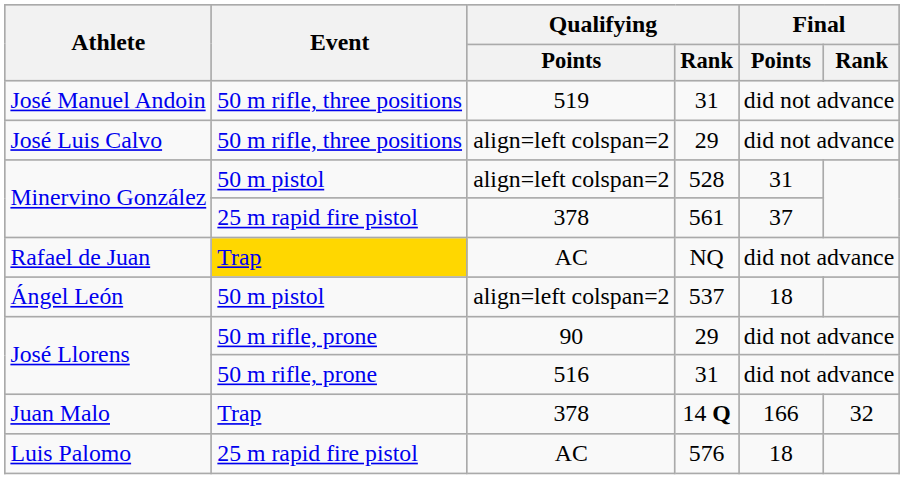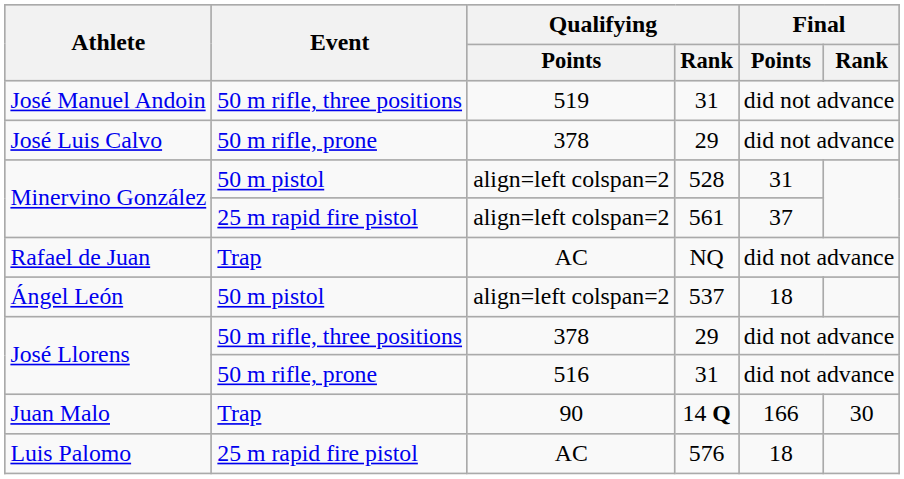 <table class="wikitable" style="font-size:90%">
 <tr>
 <th rowspan="2">Athlete</th>
 <th rowspan="2">Event</th>
 <th colspan=2>Qualifying</th>
 <th colspan=2>Final</th>
 </tr>
 <tr style="font-size:95%">
 <th>Points</th>
 <th>Rank</th>
 <th>Points</th>
 <th>Rank</th>
 </tr>
 <tr align=center>
 <td align=left><a href='#'>José Manuel Andoin</a></td>
 <td align=left><a href='#'>50 m rifle, three positions</a></td>
 <td>519</td>
 <td>31</td>
 <td align=left colspan=2>did not advance</td>
 </tr>
 <tr align=center>
 <td align=left><a href='#'>José Luis Calvo</a></td>
-<td align=left><a href='#'>50 m rifle, three positions</a></td>
-<td>align=left colspan=2 </td>
+<td align=left><a href='#'>50 m rifle, prone</a></td>
+<td>378</td>
 <td>29</td>
 <td align=left colspan=2>did not advance</td>
 </tr>
 <tr align=center>
 <td align=left rowspan=2><a href='#'>Minervino González</a></td>
 <td align=left><a href='#'>50 m pistol</a></td>
 <td>align=left colspan=2 </td>
 <td>528</td>
 <td>31</td>
 </tr>
 <tr align=center>
 <td align=left><a href='#'>25 m rapid fire pistol</a></td>
-<td>378</td>
+<td>align=left colspan=2 </td>
 <td>561</td>
 <td>37</td>
 </tr>
 <tr align=center>
 <td align=left><a href='#'>Rafael de Juan</a></td>
-<td align=left style="background: gold;"><a href='#'>Trap</a></td>
+<td align=left><a href='#'>Trap</a></td>
 <td>AC</td>
 <td>NQ</td>
 <td align=left colspan=2>did not advance</td>
 </tr>
 <tr align=center>
 <td align=left><a href='#'>Ángel León</a></td>
 <td align=left><a href='#'>50 m pistol</a></td>
 <td>align=left colspan=2 </td>
 <td>537</td>
 <td>18</td>
 </tr>
 <tr align=center>
 <td align=left rowspan=2><a href='#'>José Llorens</a></td>
-<td align=left><a href='#'>50 m rifle, prone</a></td>
-<td>90</td>
+<td align=left><a href='#'>50 m rifle, three positions</a></td>
+<td>378</td>
 <td>29</td>
 <td align=left colspan=2>did not advance</td>
 </tr>
 <tr align=center>
 <td align=left><a href='#'>50 m rifle, prone</a></td>
 <td>516</td>
 <td>31</td>
 <td align=left colspan=2>did not advance</td>
 </tr>
 <tr align=center>
 <td align=left><a href='#'>Juan Malo</a></td>
 <td align=left><a href='#'>Trap</a></td>
-<td>378</td>
+<td>90</td>
 <td>14 <strong>Q</strong></td>
 <td>166</td>
-<td>32</td>
+<td>30</td>
 </tr>
 <tr align=center>
 <td align=left><a href='#'>Luis Palomo</a></td>
 <td align=left><a href='#'>25 m rapid fire pistol</a></td>
 <td>AC</td>
 <td>576</td>
 <td>18</td>
 </tr>
 </table>
